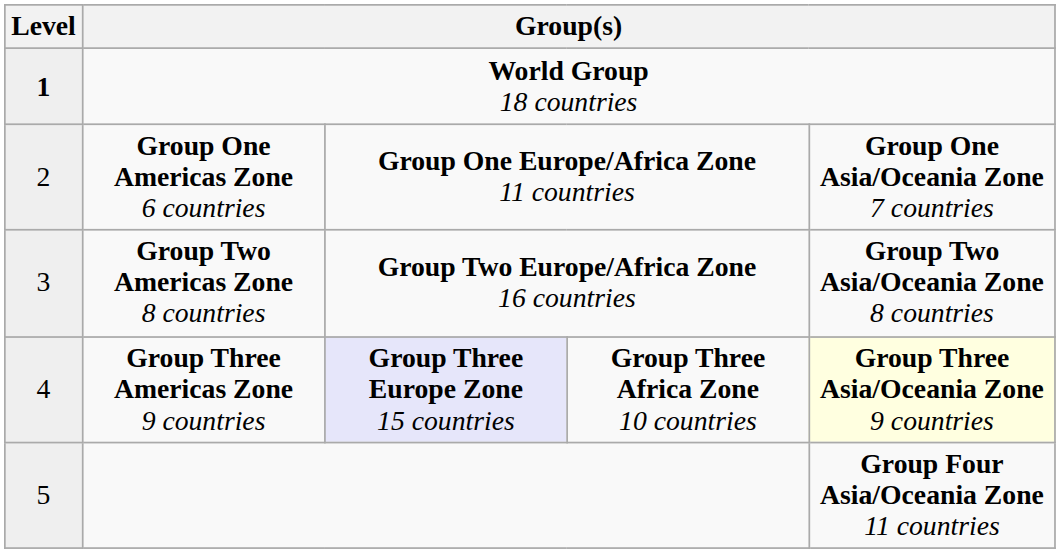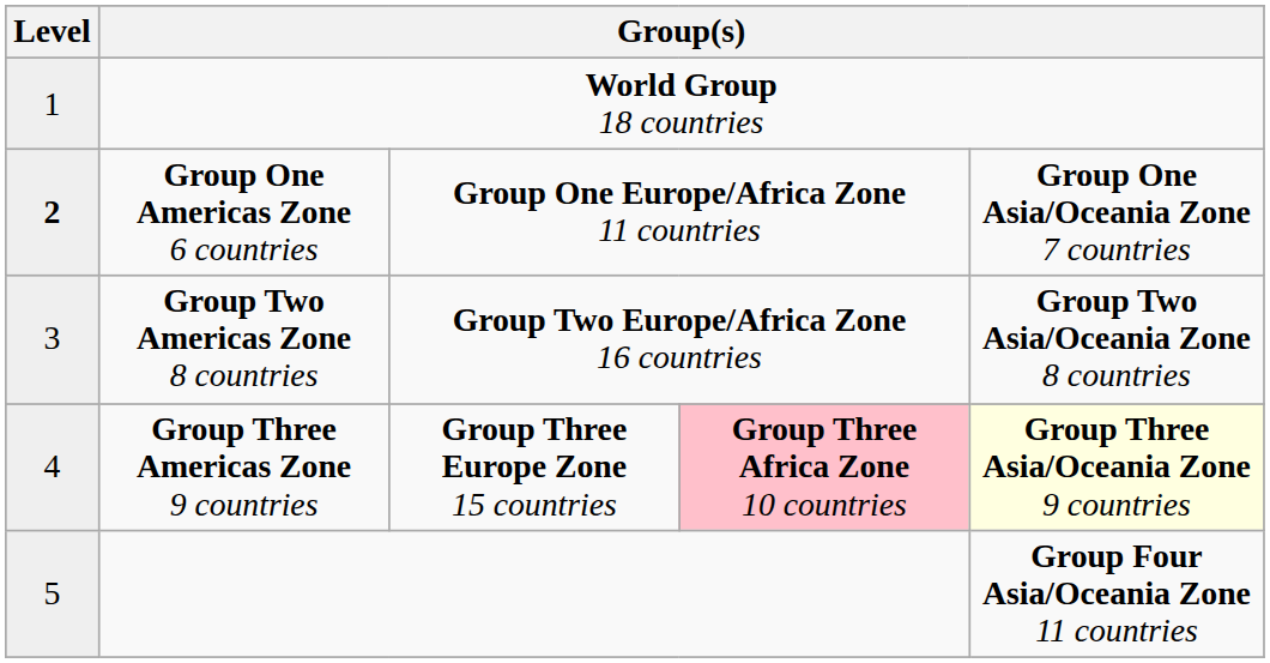 <table class="wikitable" style="text-align:center">
 <tr>
 <th style="width:4%">Level</th>
 <th colspan=4>Group(s)</th>
 </tr>
 <tr>
-<td style="background:#efefef;"><strong>1</strong></td>
+<td style="background:#efefef;">1</td>
 <td colspan="4"><strong>World Group</strong><br><em>18 countries</em></td>
 </tr>
 <tr>
-<td style="background:#efefef;">2</td>
+<td style="background:#efefef;"><strong>2</strong></td>
 <td><strong>Group One Americas Zone</strong><br><em>6 countries</em></td>
 <td colspan="2" style="width:46%;"><strong>Group One Europe/Africa Zone</strong><br><em>11 countries</em></td>
 <td><strong>Group One Asia/Oceania Zone</strong><br><em>7 countries</em></td>
 </tr>
 <tr>
 <td style="background:#efefef;">3</td>
 <td><strong>Group Two Americas Zone</strong><br><em>8 countries</em></td>
 <td colspan="2" style="width:46%;"><strong>Group Two Europe/Africa Zone</strong><br><em>16 countries</em></td>
 <td><strong>Group Two Asia/Oceania Zone</strong><br><em>8 countries</em></td>
 </tr>
 <tr>
 <td style="background:#efefef;">4</td>
 <td style="width:24%"><strong>Group Three Americas Zone</strong><br><em>9 countries</em></td>
-<td style="background: lavender; width:24%"><strong>Group Three Europe Zone</strong><br><em>15 countries</em></td>
-<td style="width:24%"><strong>Group Three Africa Zone</strong><br><em>10 countries</em></td>
+<td style="width:24%"><strong>Group Three Europe Zone</strong><br><em>15 countries</em></td>
+<td style="background: pink; width:24%"><strong>Group Three Africa Zone</strong><br><em>10 countries</em></td>
 <td style="background: lightyellow; width:24%"><strong>Group Three Asia/Oceania Zone</strong><br><em>9 countries</em></td>
 </tr>
 <tr>
 <td style="background:#efefef;">5</td>
 <td colspan=3></td>
 <td><strong>Group Four Asia/Oceania Zone</strong><br><em>11 countries</em></td>
 </tr>
 </table>
